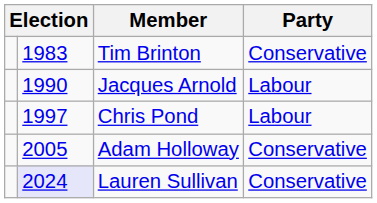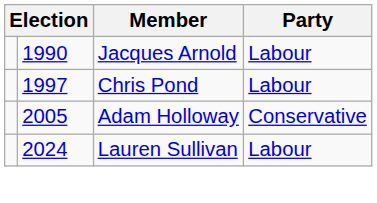 <table class="wikitable">
 <tr>
 <th colspan="2">Election</th>
 <th>Member</th>
 <th>Party</th>
-</tr>
-<tr>
-<td style="color:inherit;background-color: "></td>
-<td><a href='#'>1983</a></td>
-<td><a href='#'>Tim Brinton</a></td>
-<td><a href='#'>Conservative</a></td>
 </tr>
 <tr>
 <td style="color:inherit;background-color: "></td>
 <td><a href='#'>1990</a></td>
 <td><a href='#'>Jacques Arnold</a></td>
 <td><a href='#'>Labour</a></td>
 </tr>
 <tr>
 <td style="color:inherit;background-color: "></td>
 <td><a href='#'>1997</a></td>
 <td><a href='#'>Chris Pond</a></td>
 <td><a href='#'>Labour</a></td>
 </tr>
 <tr>
 <td style="color:inherit;background-color: "></td>
 <td><a href='#'>2005</a></td>
 <td><a href='#'>Adam Holloway</a></td>
 <td><a href='#'>Conservative</a></td>
 </tr>
 <tr>
 <td style="color:inherit;background-color: "></td>
-<td style="background: lavender;"><a href='#'>2024</a></td>
+<td><a href='#'>2024</a></td>
 <td><a href='#'>Lauren Sullivan</a></td>
-<td><a href='#'>Conservative</a></td>
+<td><a href='#'>Labour</a></td>
 </tr>
 </table>
